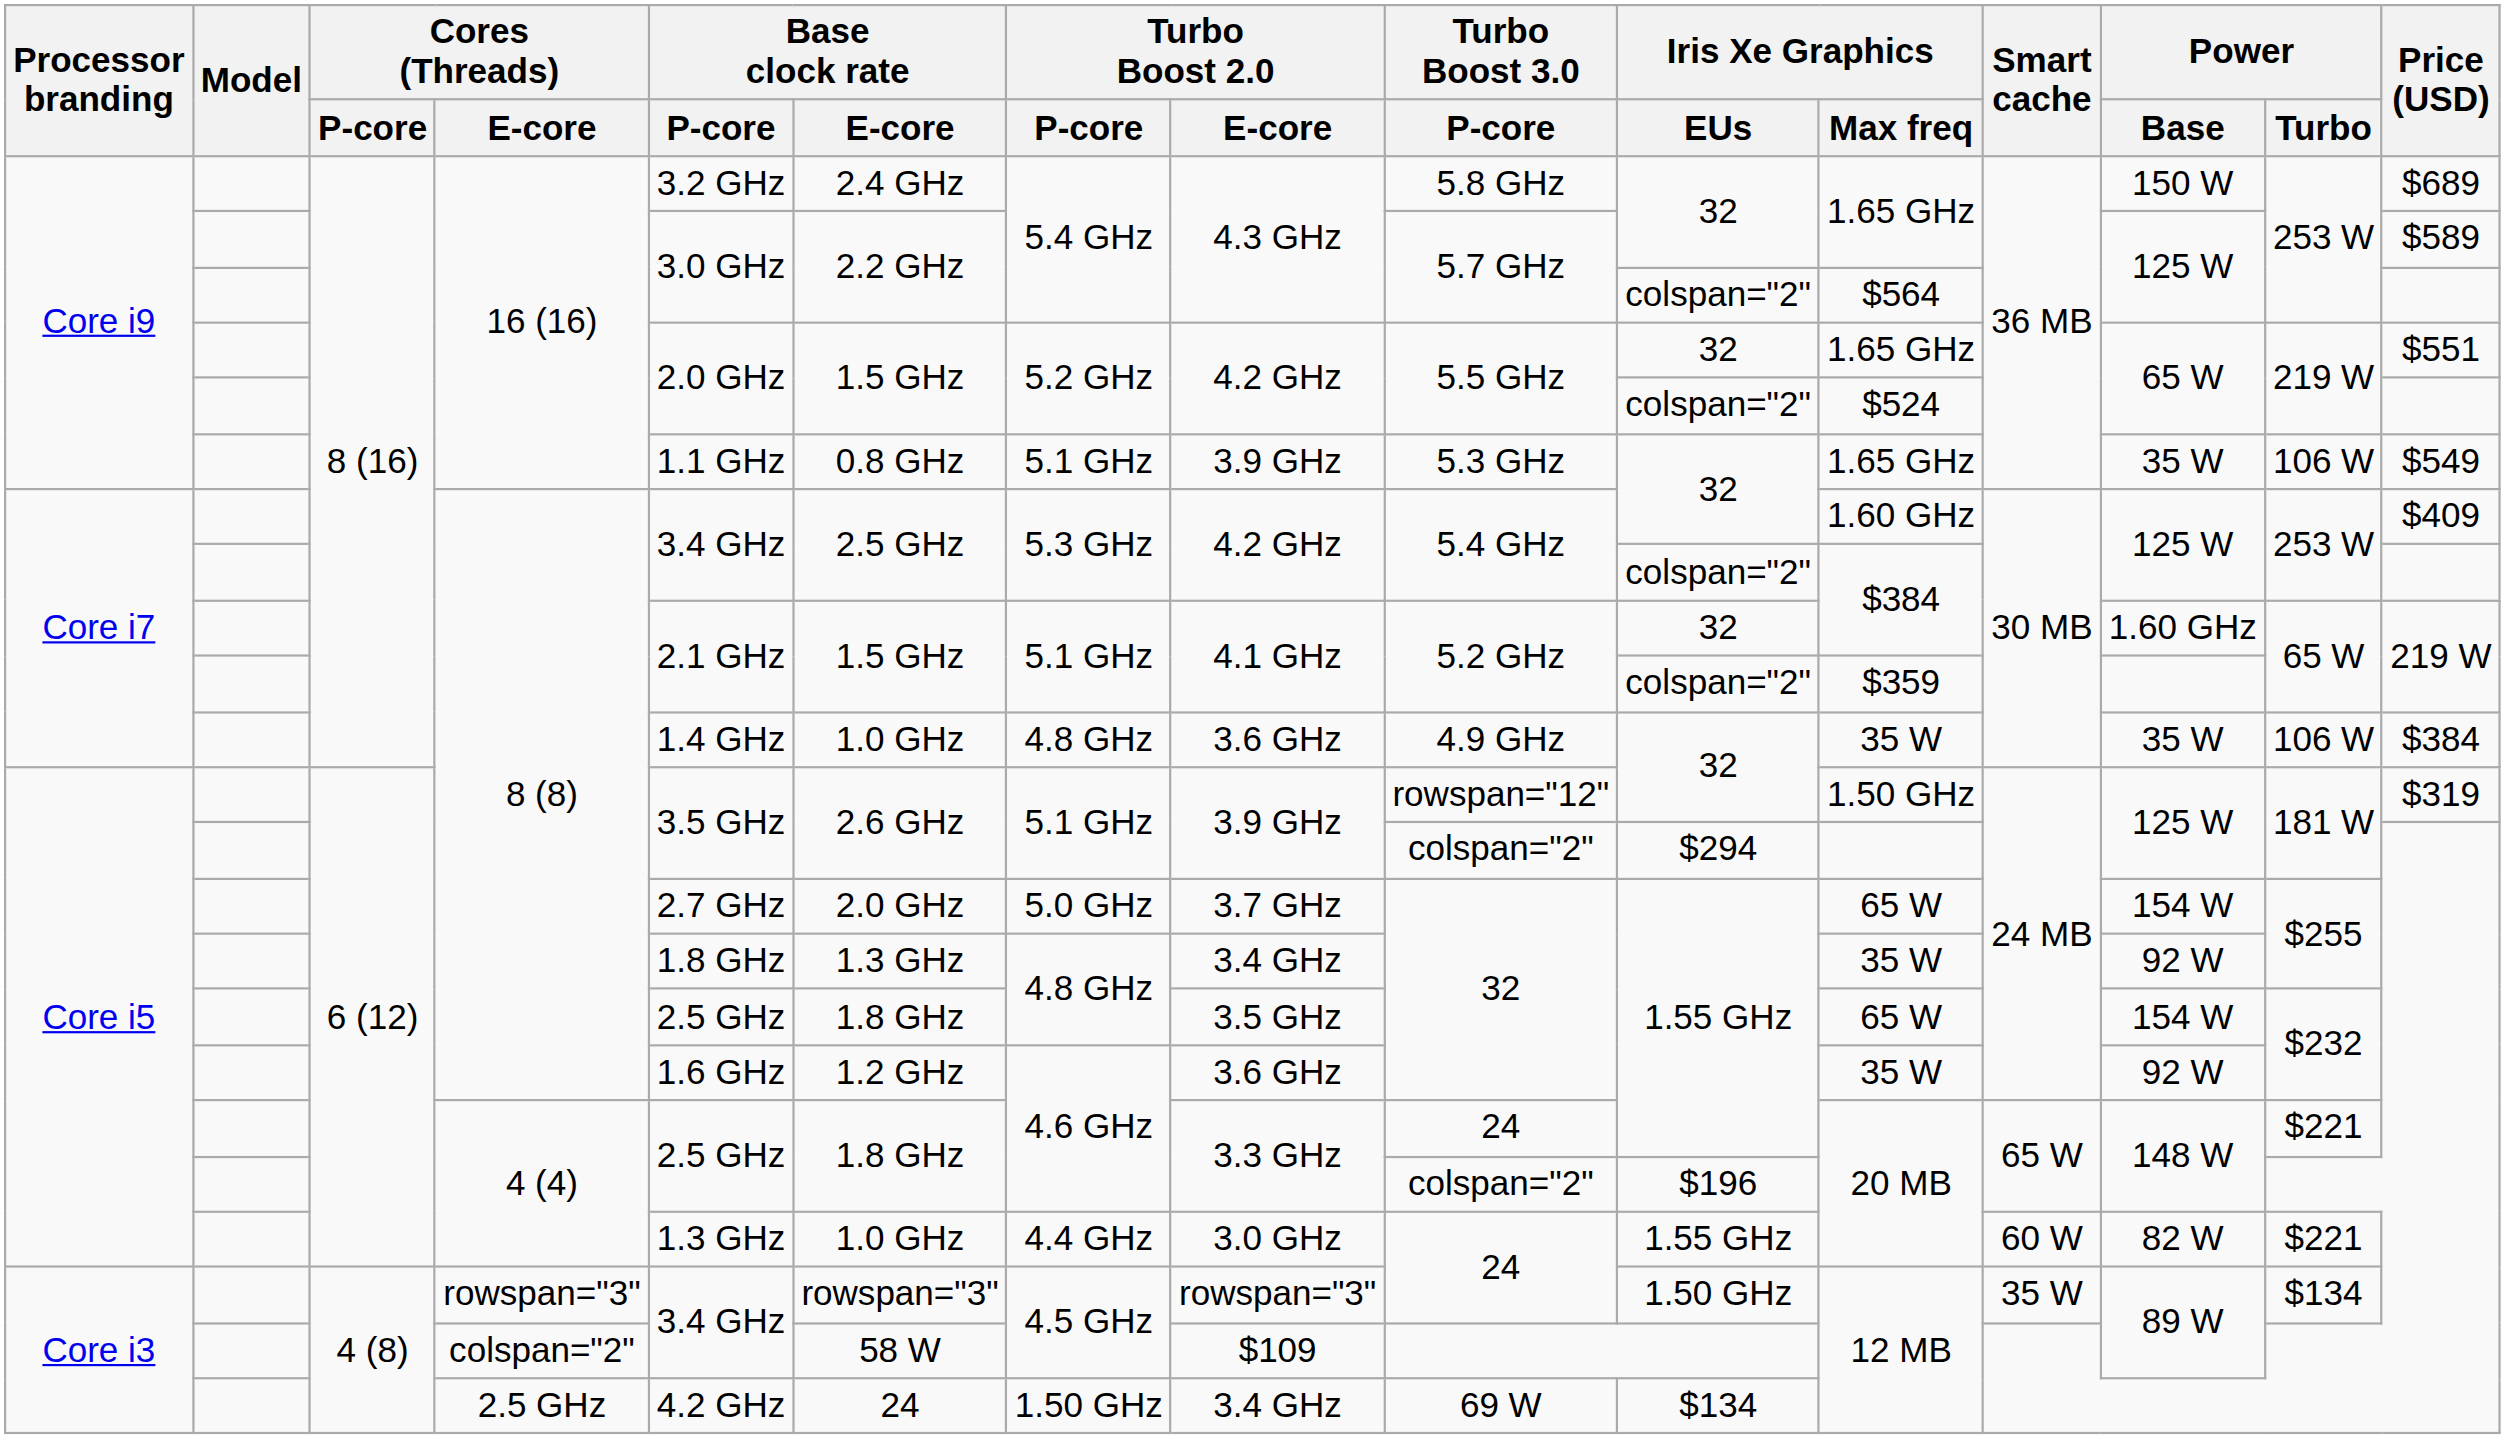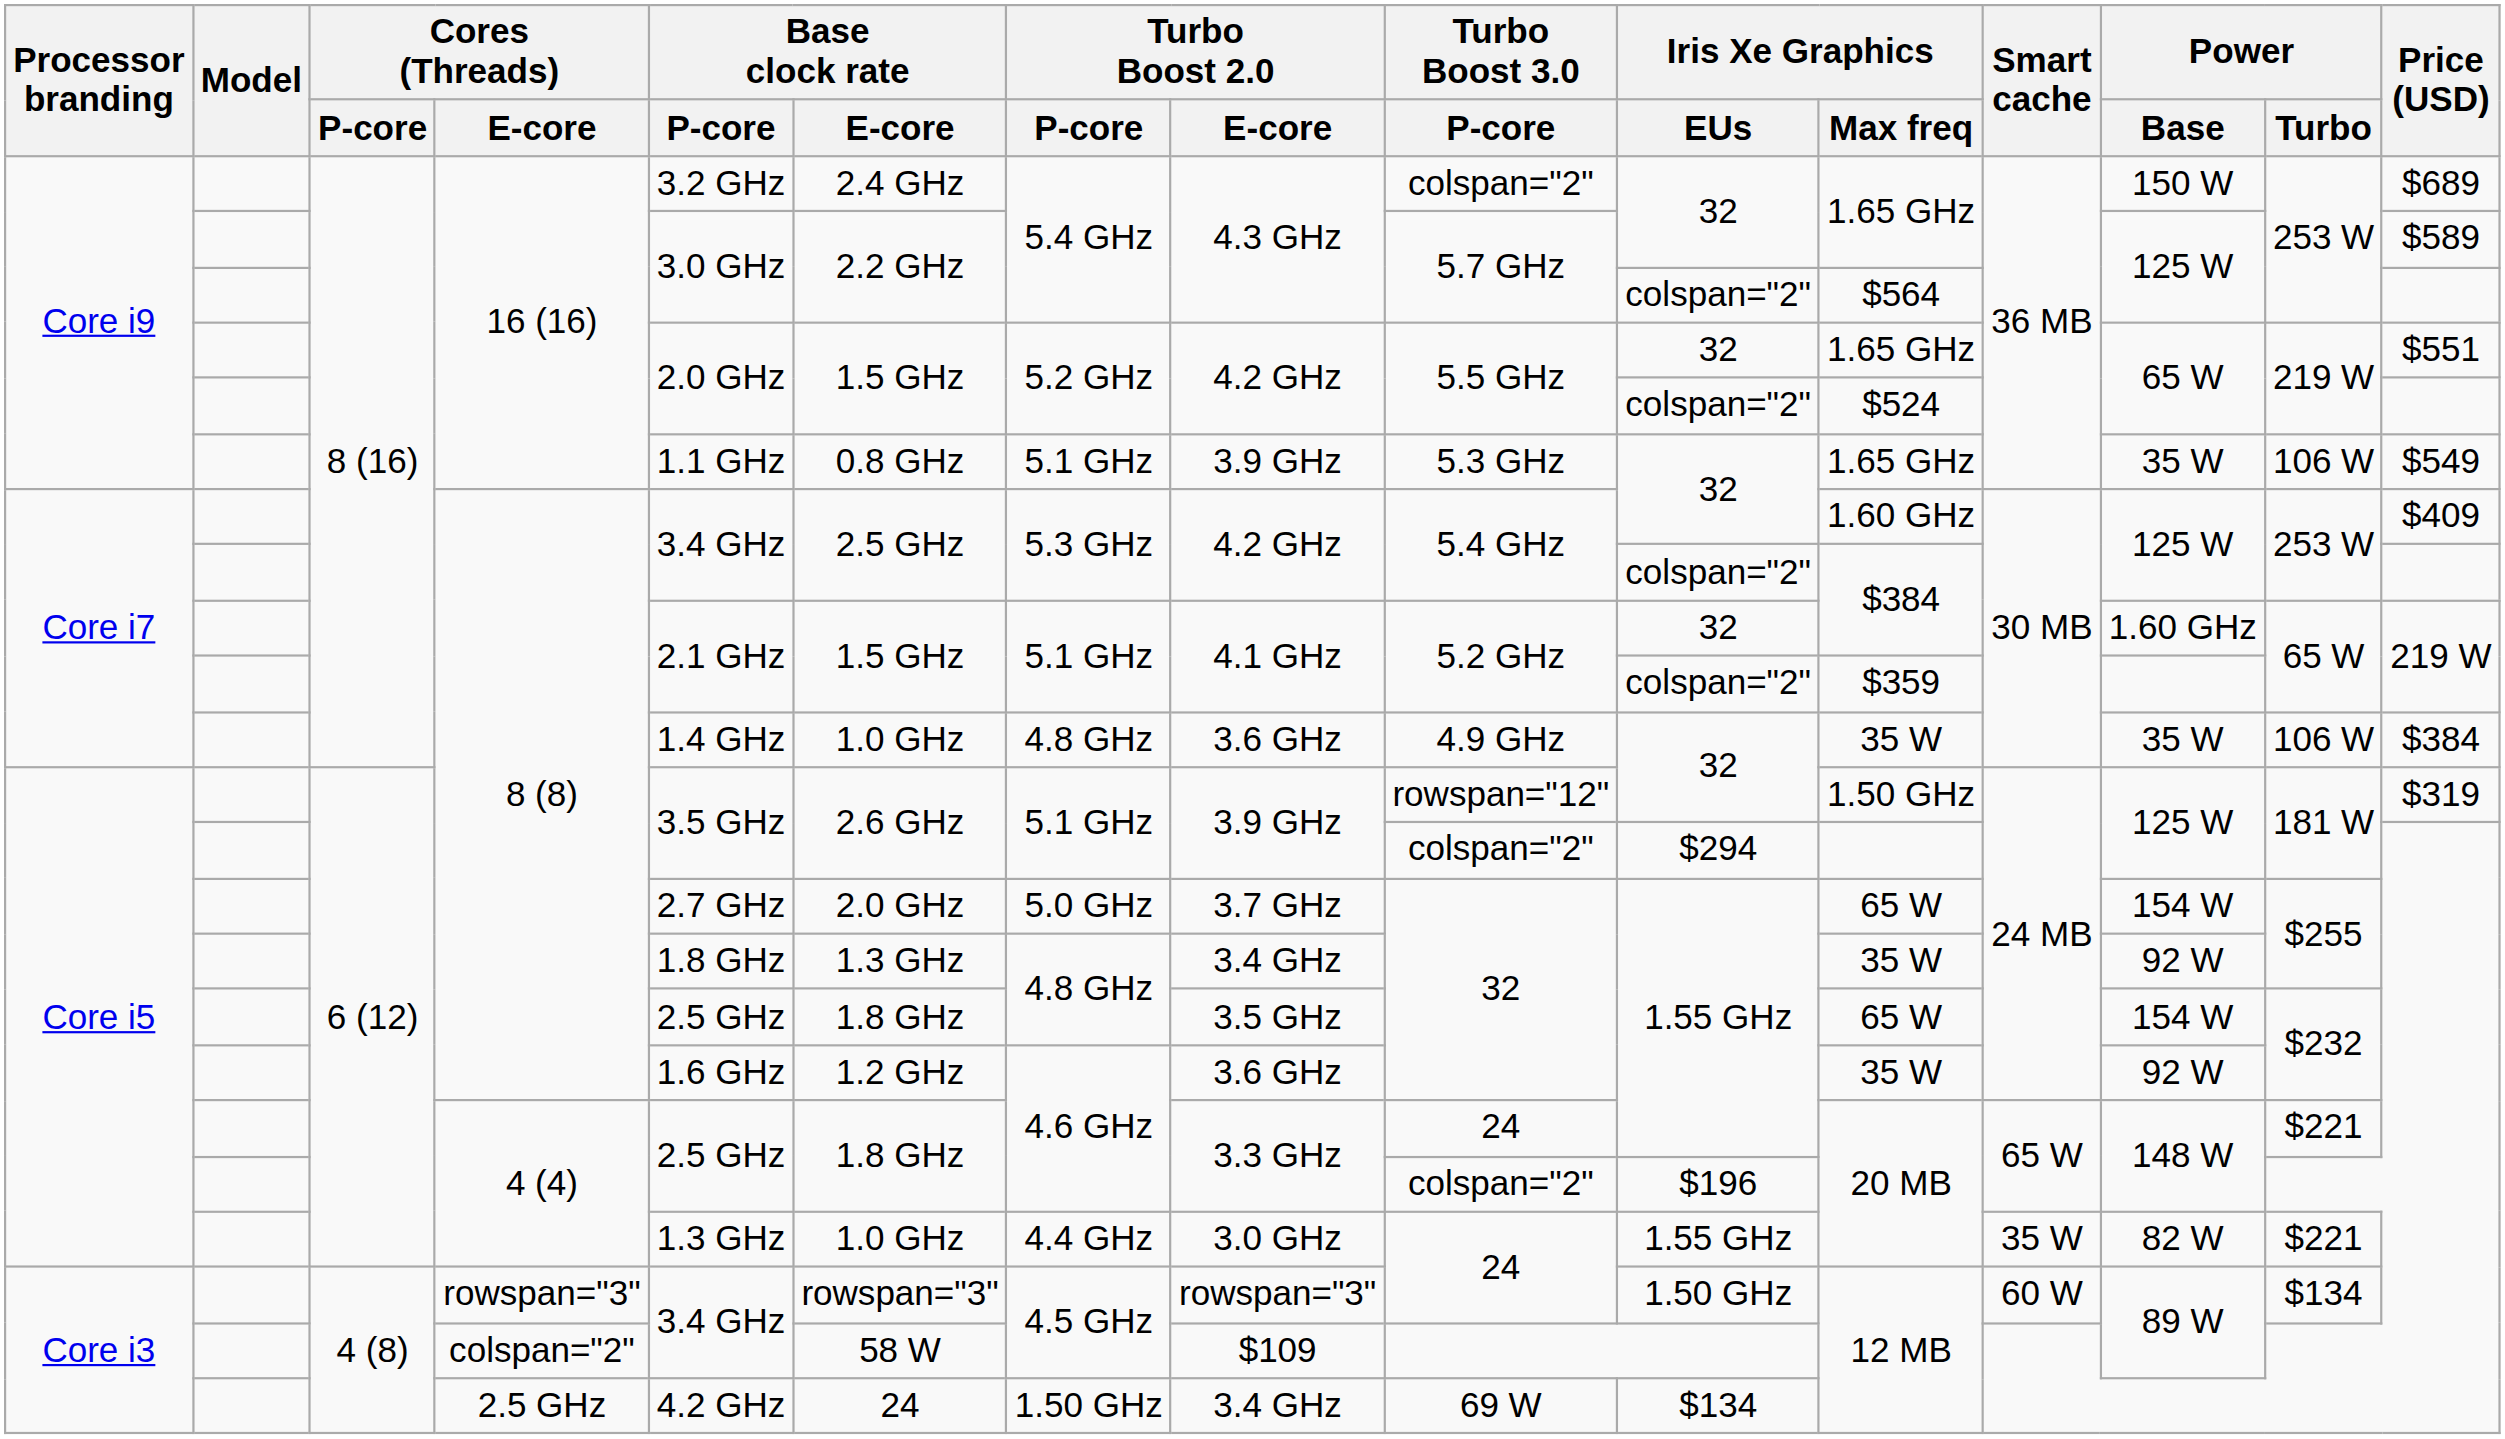 <table class="wikitable sortable" style="text-align: center;">
 <tr>
 <th rowspan="2">Processor<br>branding</th>
 <th rowspan="2">Model</th>
 <th colspan="2">Cores<br>(Threads)</th>
 <th colspan="2">Base<br>clock rate</th>
 <th colspan="2">Turbo<br>Boost 2.0</th>
 <th>Turbo<br>Boost 3.0</th>
 <th colspan="2">Iris Xe Graphics</th>
 <th rowspan="2">Smart<br>cache</th>
 <th colspan="2">Power</th>
 <th rowspan="2">Price<br>(USD)</th>
 </tr>
 <tr>
 <th>P-core</th>
 <th>E-core</th>
 <th>P-core</th>
 <th>E-core</th>
 <th>P-core</th>
 <th>E-core</th>
 <th>P-core</th>
 <th>EUs</th>
 <th>Max freq</th>
 <th>Base</th>
 <th>Turbo</th>
 </tr>
 <tr>
 <td rowspan="6"><a href='#'>Core i9</a></td>
 <td></td>
 <td rowspan="11">8 (16)</td>
 <td rowspan="6">16 (16)</td>
 <td>3.2 GHz</td>
 <td>2.4 GHz</td>
 <td rowspan="3">5.4 GHz</td>
 <td rowspan="3">4.3 GHz</td>
-<td>5.8 GHz</td>
+<td>colspan="2" </td>
 <td rowspan="2">32</td>
 <td rowspan="2">1.65 GHz</td>
 <td rowspan="6">36 MB</td>
 <td>150 W</td>
 <td rowspan="3">253 W</td>
 <td>$689</td>
 </tr>
 <tr>
 <td></td>
 <td rowspan="2">3.0 GHz</td>
 <td rowspan="2">2.2 GHz</td>
 <td rowspan="2">5.7 GHz</td>
 <td rowspan="2">125 W</td>
 <td>$589</td>
 </tr>
 <tr>
 <td></td>
 <td>colspan="2" </td>
 <td>$564</td>
 </tr>
 <tr>
 <td></td>
 <td rowspan="2">2.0 GHz</td>
 <td rowspan="2">1.5 GHz</td>
 <td rowspan="2">5.2 GHz</td>
 <td rowspan="2">4.2 GHz</td>
 <td rowspan="2">5.5 GHz</td>
 <td>32</td>
 <td>1.65 GHz</td>
 <td rowspan="2">65 W</td>
 <td rowspan="2">219 W</td>
 <td>$551</td>
 </tr>
 <tr>
 <td></td>
 <td>colspan="2" </td>
 <td>$524</td>
 </tr>
 <tr>
 <td></td>
 <td>1.1 GHz</td>
 <td>0.8 GHz</td>
 <td>5.1 GHz</td>
 <td>3.9 GHz</td>
 <td>5.3 GHz</td>
 <td rowspan="2">32</td>
 <td>1.65 GHz</td>
 <td>35 W</td>
 <td>106 W</td>
 <td>$549</td>
 </tr>
 <tr>
 <td rowspan="5"><a href='#'>Core i7</a></td>
 <td></td>
 <td rowspan="11">8 (8)</td>
 <td rowspan="2">3.4 GHz</td>
 <td rowspan="2">2.5 GHz</td>
 <td rowspan="2">5.3 GHz</td>
 <td rowspan="2">4.2 GHz</td>
 <td rowspan="2">5.4 GHz</td>
 <td>1.60 GHz</td>
 <td rowspan="5">30 MB</td>
 <td rowspan="2">125 W</td>
 <td rowspan="2">253 W</td>
 <td>$409</td>
 </tr>
 <tr>
 <td></td>
 <td>colspan="2" </td>
 <td rowspan="2">$384</td>
 </tr>
 <tr>
 <td></td>
 <td rowspan="2">2.1 GHz</td>
 <td rowspan="2">1.5 GHz</td>
 <td rowspan="2">5.1 GHz</td>
 <td rowspan="2">4.1 GHz</td>
 <td rowspan="2">5.2 GHz</td>
 <td>32</td>
 <td>1.60 GHz</td>
 <td rowspan="2">65 W</td>
 <td rowspan="2">219 W</td>
 </tr>
 <tr>
 <td></td>
 <td>colspan="2" </td>
 <td>$359</td>
 </tr>
 <tr>
 <td></td>
 <td>1.4 GHz</td>
 <td>1.0 GHz</td>
 <td>4.8 GHz</td>
 <td>3.6 GHz</td>
 <td>4.9 GHz</td>
 <td rowspan="2">32</td>
 <td>35 W</td>
 <td>35 W</td>
 <td>106 W</td>
 <td>$384</td>
 </tr>
 <tr>
 <td rowspan="9"><a href='#'>Core i5</a></td>
 <td></td>
 <td rowspan="9">6 (12)</td>
 <td rowspan="2">3.5 GHz</td>
 <td rowspan="2">2.6 GHz</td>
 <td rowspan="2">5.1 GHz</td>
 <td rowspan="2">3.9 GHz</td>
 <td>rowspan="12" </td>
 <td>1.50 GHz</td>
 <td rowspan="6">24 MB</td>
 <td rowspan="2">125 W</td>
 <td rowspan="2">181 W</td>
 <td>$319</td>
 </tr>
 <tr>
 <td></td>
 <td>colspan="2" </td>
 <td>$294</td>
 </tr>
 <tr>
 <td></td>
 <td>2.7 GHz</td>
 <td>2.0 GHz</td>
 <td>5.0 GHz</td>
 <td>3.7 GHz</td>
 <td rowspan="4">32</td>
 <td rowspan="5">1.55 GHz</td>
 <td>65 W</td>
 <td>154 W</td>
 <td rowspan="2">$255</td>
 </tr>
 <tr>
 <td></td>
 <td>1.8 GHz</td>
 <td>1.3 GHz</td>
 <td rowspan="2">4.8 GHz</td>
 <td>3.4 GHz</td>
 <td>35 W</td>
 <td>92 W</td>
 </tr>
 <tr>
 <td></td>
 <td>2.5 GHz</td>
 <td>1.8 GHz</td>
 <td>3.5 GHz</td>
 <td>65 W</td>
 <td>154 W</td>
 <td rowspan="2">$232</td>
 </tr>
 <tr>
 <td></td>
 <td>1.6 GHz</td>
 <td>1.2 GHz</td>
 <td rowspan="3">4.6 GHz</td>
 <td>3.6 GHz</td>
 <td>35 W</td>
 <td>92 W</td>
 </tr>
 <tr>
 <td></td>
 <td rowspan="3">4 (4)</td>
 <td rowspan="2">2.5 GHz</td>
 <td rowspan="2">1.8 GHz</td>
 <td rowspan="2">3.3 GHz</td>
 <td>24</td>
 <td rowspan="3">20 MB</td>
 <td rowspan="2">65 W</td>
 <td rowspan="2">148 W</td>
 <td>$221</td>
 </tr>
 <tr>
 <td></td>
 <td>colspan="2" </td>
 <td>$196</td>
 </tr>
 <tr>
 <td></td>
 <td>1.3 GHz</td>
 <td>1.0 GHz</td>
 <td>4.4 GHz</td>
 <td>3.0 GHz</td>
 <td rowspan="2">24</td>
 <td>1.55 GHz</td>
-<td>60 W</td>
+<td>35 W</td>
 <td>82 W</td>
 <td>$221</td>
 </tr>
 <tr>
 <td rowspan="3"><a href='#'>Core i3</a></td>
 <td></td>
 <td rowspan="3">4 (8)</td>
 <td>rowspan="3" </td>
 <td rowspan="2">3.4 GHz</td>
 <td>rowspan="3" </td>
 <td rowspan="2">4.5 GHz</td>
 <td>rowspan="3" </td>
 <td>1.50 GHz</td>
 <td rowspan="3">12 MB</td>
-<td>35 W</td>
+<td>60 W</td>
 <td rowspan="2">89 W</td>
 <td>$134</td>
 </tr>
 <tr>
 <td></td>
 <td>colspan="2" </td>
 <td>58 W</td>
 <td>$109</td>
 </tr>
 <tr>
 <td></td>
 <td>2.5 GHz</td>
 <td>4.2 GHz</td>
 <td>24</td>
 <td>1.50 GHz</td>
 <td>3.4 GHz</td>
 <td>69 W</td>
 <td>$134</td>
 </tr>
 </table>
